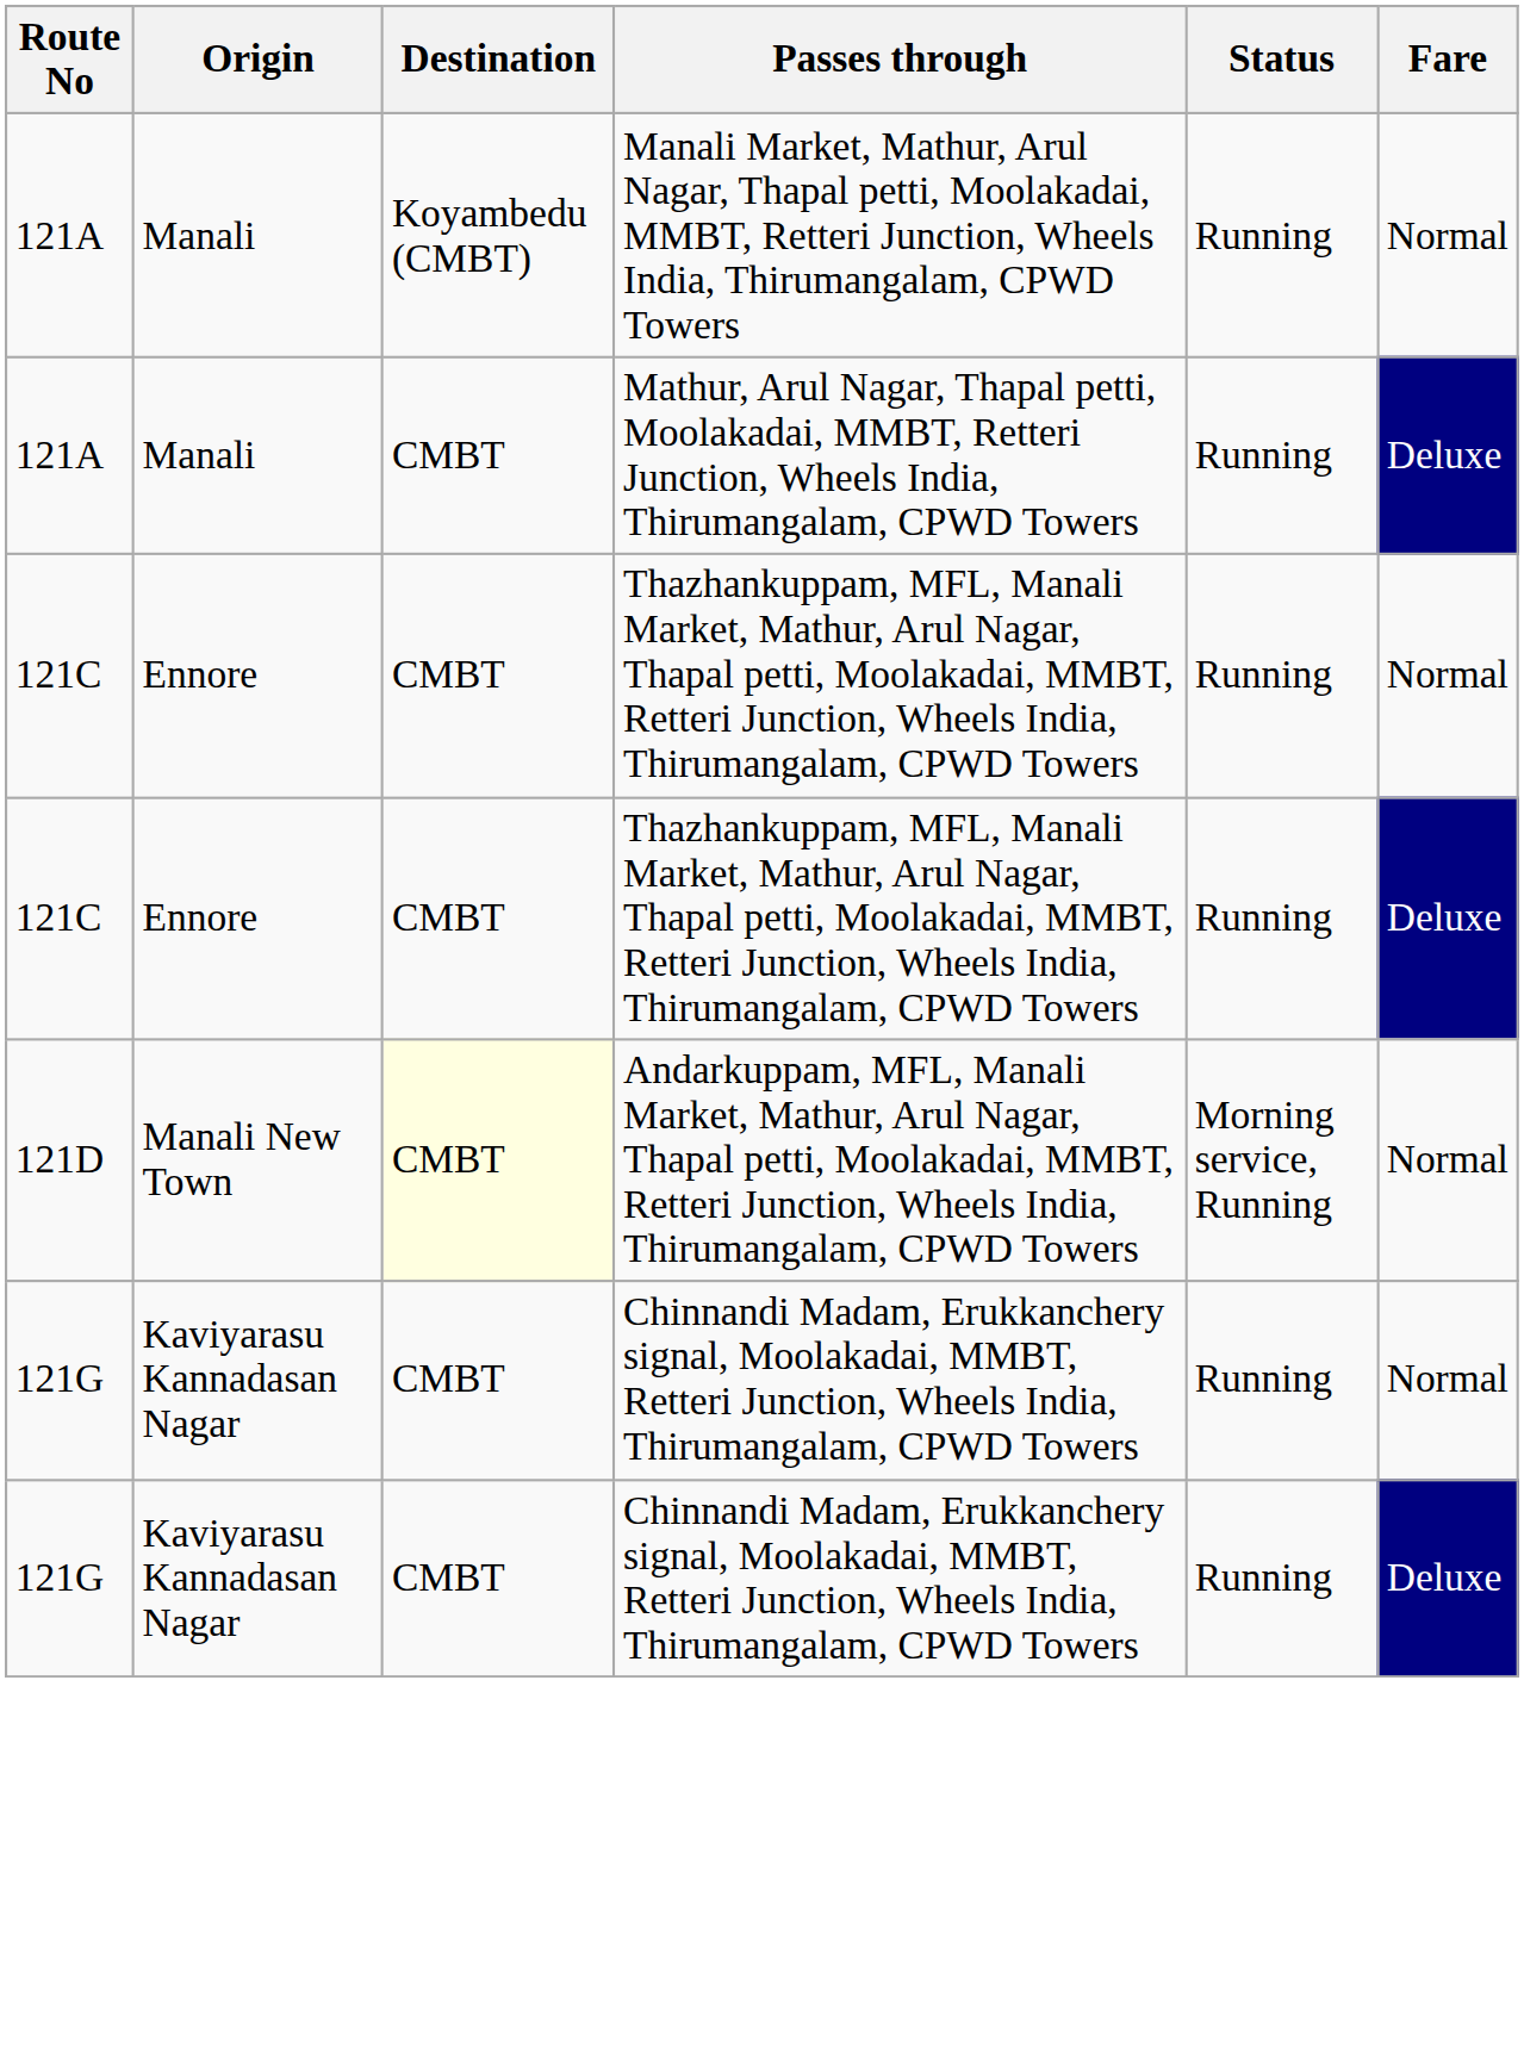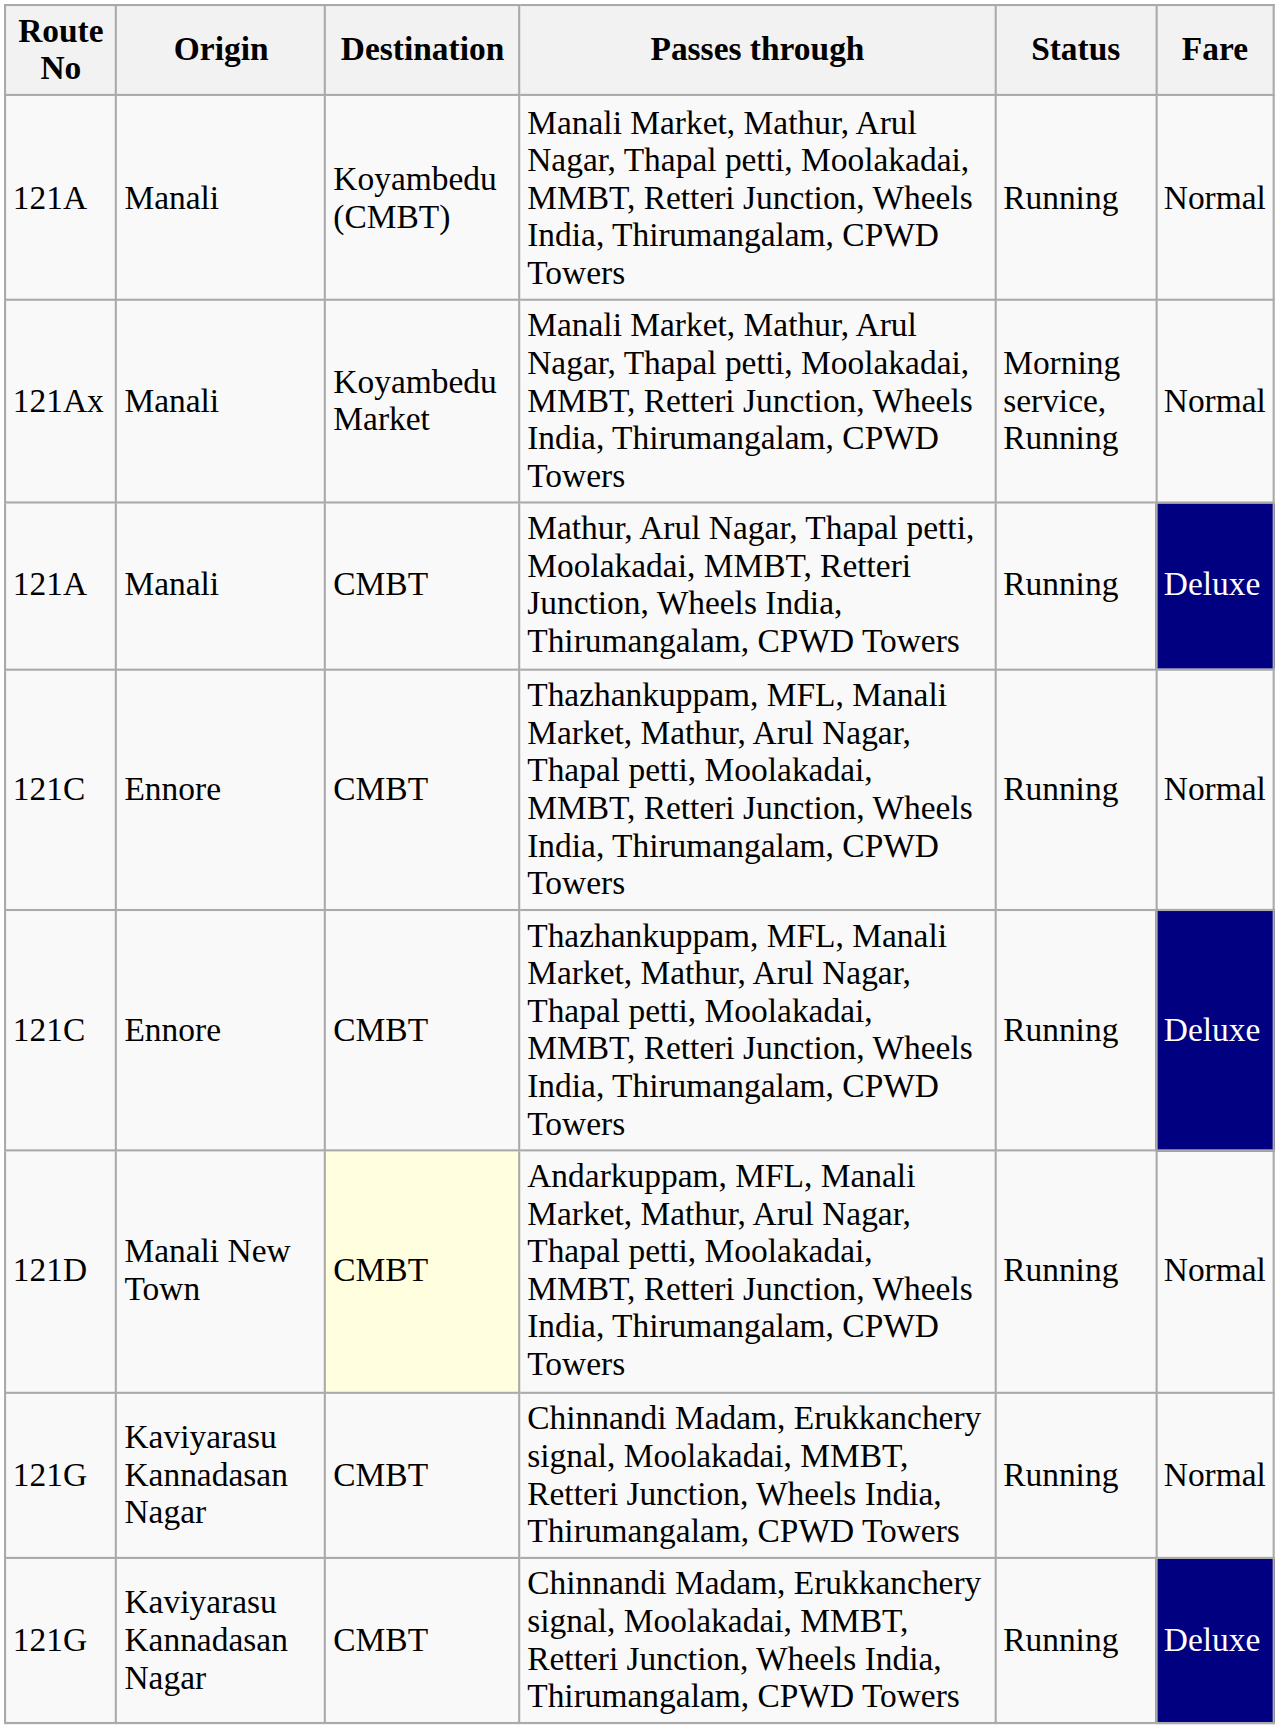 <table class="wikitable sortable collapsable plainrowheaders">
 <tr>
 <th>Route No</th>
 <th>Origin</th>
 <th>Destination</th>
 <th>Passes through</th>
 <th>Status</th>
 <th>Fare</th>
 </tr>
 <tr>
 <td>121A</td>
 <td>Manali</td>
 <td>Koyambedu (CMBT)</td>
 <td>Manali Market, Mathur, Arul Nagar, Thapal petti, Moolakadai, MMBT, Retteri Junction, Wheels India, Thirumangalam, CPWD Towers</td>
 <td>Running</td>
+<td>Normal</td>
+</tr>
+<tr>
+<td>121Ax</td>
+<td>Manali</td>
+<td>Koyambedu Market</td>
+<td>Manali Market, Mathur, Arul Nagar, Thapal petti, Moolakadai, MMBT, Retteri Junction, Wheels India, Thirumangalam, CPWD Towers</td>
+<td>Morning service, Running</td>
 <td>Normal</td>
 </tr>
 <tr>
 <td>121A</td>
 <td>Manali</td>
 <td>CMBT</td>
 <td>Mathur, Arul Nagar, Thapal petti, Moolakadai, MMBT, Retteri Junction, Wheels India, Thirumangalam, CPWD Towers</td>
 <td>Running</td>
 <td style="background:navy; color:white">Deluxe</td>
 </tr>
 <tr>
 <td>121C</td>
 <td>Ennore</td>
 <td>CMBT</td>
 <td>Thazhankuppam, MFL, Manali Market, Mathur, Arul Nagar, Thapal petti, Moolakadai, MMBT, Retteri Junction, Wheels India, Thirumangalam, CPWD Towers</td>
 <td>Running</td>
 <td>Normal</td>
 </tr>
 <tr>
 <td>121C</td>
 <td>Ennore</td>
 <td>CMBT</td>
 <td>Thazhankuppam, MFL, Manali Market, Mathur, Arul Nagar, Thapal petti, Moolakadai, MMBT, Retteri Junction, Wheels India, Thirumangalam, CPWD Towers</td>
 <td>Running</td>
 <td style="background:navy; color:white">Deluxe</td>
 </tr>
 <tr>
 <td>121D</td>
 <td>Manali New Town</td>
 <td style="background: lightyellow;">CMBT</td>
 <td>Andarkuppam, MFL, Manali Market, Mathur, Arul Nagar, Thapal petti, Moolakadai, MMBT, Retteri Junction, Wheels India, Thirumangalam, CPWD Towers</td>
-<td>Morning service, Running</td>
+<td>Running</td>
 <td>Normal</td>
 </tr>
 <tr>
 <td>121G</td>
 <td>Kaviyarasu Kannadasan Nagar</td>
 <td>CMBT</td>
 <td>Chinnandi Madam, Erukkanchery signal, Moolakadai, MMBT, Retteri Junction, Wheels India, Thirumangalam, CPWD Towers</td>
 <td>Running</td>
 <td>Normal</td>
 </tr>
 <tr>
 <td>121G</td>
 <td>Kaviyarasu Kannadasan Nagar</td>
 <td>CMBT</td>
 <td>Chinnandi Madam, Erukkanchery signal, Moolakadai, MMBT, Retteri Junction, Wheels India, Thirumangalam, CPWD Towers</td>
 <td>Running</td>
 <td style="background:navy; color:white">Deluxe</td>
 </tr>
 <tr>
 </tr>
 </table>
